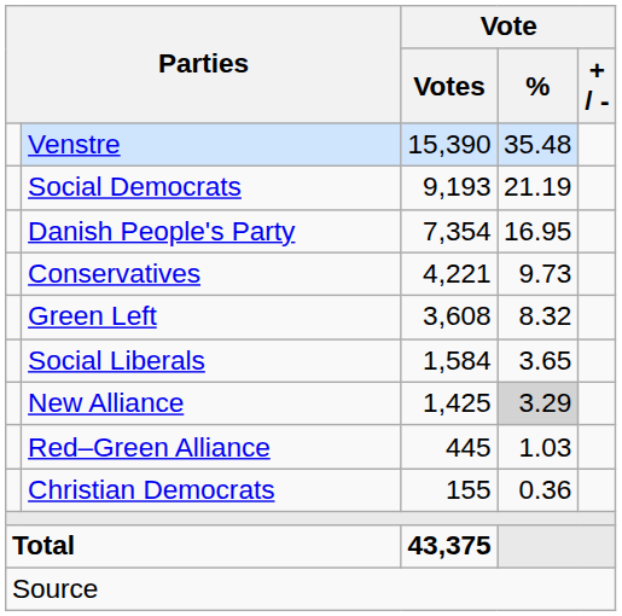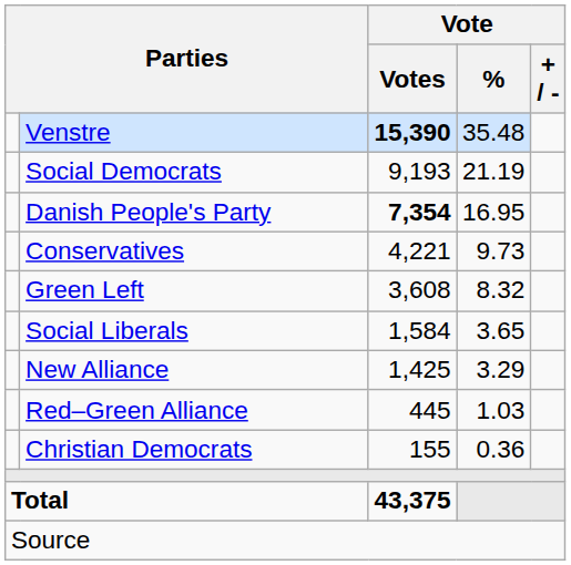 <table class="wikitable" style="text-align:right;">
 <tr>
 <th style="text-align:centre;" rowspan="2" colspan="2" width="225">Parties</th>
 <th colspan="3">Vote</th>
 </tr>
 <tr>
 <th width="15">Votes</th>
 <th width="15">%</th>
 <th width="15">+ / -</th>
 </tr>
 <tr>
 <td width="2" style="color:inherit;background:"></td>
 <td bgcolor=#cfe5fe  align="left"><a href='#'>Venstre</a></td>
-<td bgcolor=#cfe5fe>15,390</td>
+<td bgcolor=#cfe5fe><strong>15,390</strong></td>
 <td bgcolor=#cfe5fe>35.48</td>
 <td></td>
 </tr>
 <tr>
 <td width="2" style="color:inherit;background:"></td>
 <td align="left"><a href='#'>Social Democrats</a></td>
 <td>9,193</td>
 <td>21.19</td>
 <td></td>
 </tr>
 <tr>
 <td width="2" style="color:inherit;background:"></td>
 <td align="left"><a href='#'>Danish People's Party</a></td>
-<td>7,354</td>
+<td><strong>7,354</strong></td>
 <td>16.95</td>
 <td></td>
 </tr>
 <tr>
 <td width="2" style="color:inherit;background:"></td>
 <td align="left"><a href='#'>Conservatives</a></td>
 <td>4,221</td>
 <td>9.73</td>
 <td></td>
 </tr>
 <tr>
 <td width="2" style="color:inherit;background:"></td>
 <td align="left"><a href='#'>Green Left</a></td>
 <td>3,608</td>
 <td>8.32</td>
 <td></td>
 </tr>
 <tr>
 <td width="2" style="color:inherit;background:"></td>
 <td align="left"><a href='#'>Social Liberals</a></td>
 <td>1,584</td>
 <td>3.65</td>
 <td></td>
 </tr>
 <tr>
 <td width="2" style="color:inherit;background:"></td>
 <td align="left"><a href='#'>New Alliance</a></td>
 <td>1,425</td>
-<td style="background: lightgrey;">3.29</td>
+<td>3.29</td>
 <td></td>
 </tr>
 <tr>
 <td width="2" style="color:inherit;background:"></td>
 <td align="left"><a href='#'>Red–Green Alliance</a></td>
 <td>445</td>
 <td>1.03</td>
 <td></td>
 </tr>
 <tr>
 <td width="2" style="color:inherit;background:"></td>
 <td align="left"><a href='#'>Christian Democrats</a></td>
 <td>155</td>
 <td>0.36</td>
 <td></td>
 </tr>
 <tr>
 <td colspan="7" bgcolor="#E9E9E9"></td>
 </tr>
 <tr>
 <td align="left" colspan="2"><strong>Total</strong></td>
 <td><strong>43,375</strong></td>
 <td bgcolor="#E9E9E9" colspan="2"></td>
 </tr>
 <tr>
 <td align="left" colspan="6">Source</td>
 </tr>
 </table>
